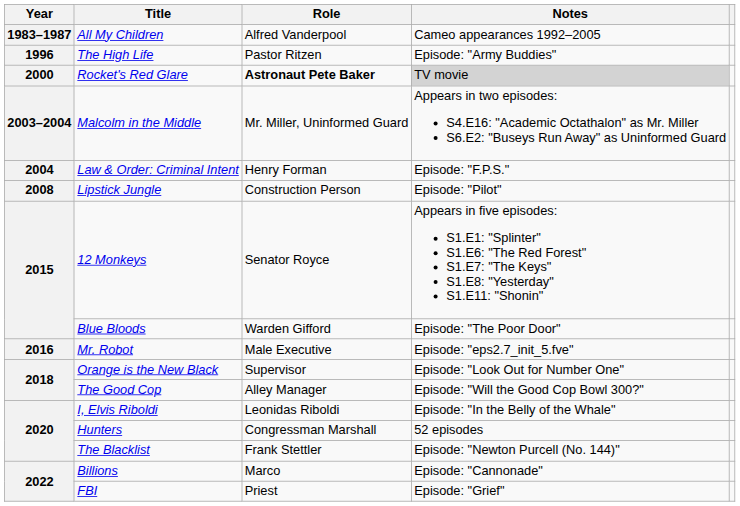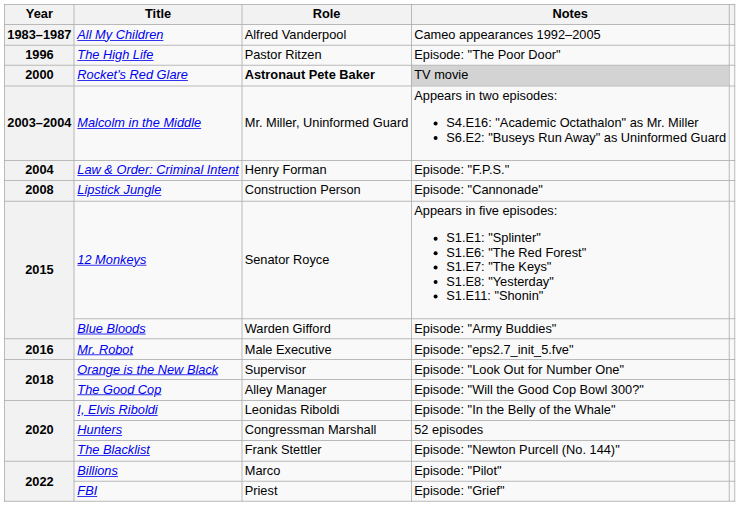 <table class="wikitable sortable plainrowheaders">
 <tr>
 <th scope="col">Year</th>
 <th scope="col">Title</th>
 <th scope="col">Role</th>
 <th scope="col" class="unsortable">Notes</th>
 <th scope="col" class="unsortable"></th>
 </tr>
 <tr>
 <th scope="row">1983–1987</th>
 <td><em><a href='#'>All My Children</a></em></td>
 <td>Alfred Vanderpool</td>
 <td>Cameo appearances 1992–2005</td>
 <td></td>
 </tr>
 <tr>
 <th scope="row">1996</th>
 <td data-sort-value="High Life"><em><a href='#'>The High Life</a></em></td>
 <td>Pastor Ritzen</td>
-<td>Episode: "Army Buddies"</td>
+<td>Episode: "The Poor Door"</td>
 <td></td>
 </tr>
 <tr>
 <th scope="row">2000</th>
 <td><em><a href='#'>Rocket's Red Glare</a></em></td>
 <td><strong>Astronaut Pete Baker</strong></td>
 <td style="background: lightgrey;">TV movie</td>
 <td></td>
 </tr>
 <tr>
 <th scope="row">2003–2004</th>
 <td><em><a href='#'>Malcolm in the Middle</a></em></td>
 <td>Mr. Miller, Uninformed Guard</td>
 <td>Appears in two episodes:<br><ul><li>S4.E16: "Academic Octathalon" as Mr. Miller</li><li>S6.E2: "Buseys Run Away" as Uninformed Guard</li></ul></td>
 <td></td>
 </tr>
 <tr>
 <th scope="row">2004</th>
 <td><em><a href='#'>Law & Order: Criminal Intent</a></em></td>
 <td>Henry Forman</td>
 <td>Episode: "F.P.S."</td>
 <td></td>
 </tr>
 <tr>
 <th scope="row">2008</th>
 <td><em><a href='#'>Lipstick Jungle</a></em></td>
 <td>Construction Person</td>
-<td>Episode: "Pilot"</td>
+<td>Episode: "Cannonade"</td>
 <td></td>
 </tr>
 <tr>
 <th scope="row" rowspan="2">2015</th>
 <td><em><a href='#'>12 Monkeys</a></em></td>
 <td>Senator Royce</td>
 <td>Appears in five episodes:<br><ul><li>S1.E1: "Splinter"</li><li>S1.E6: "The Red Forest"</li><li>S1.E7: "The Keys"</li><li>S1.E8: "Yesterday"</li><li>S1.E11: "Shonin"</li></ul></td>
 <td></td>
 </tr>
 <tr>
 <td><em><a href='#'>Blue Bloods</a></em></td>
 <td>Warden Gifford</td>
-<td>Episode: "The Poor Door"</td>
+<td>Episode: "Army Buddies"</td>
 <td></td>
 </tr>
 <tr>
 <th scope="row">2016</th>
 <td><em><a href='#'>Mr. Robot</a></em></td>
 <td>Male Executive</td>
 <td>Episode: "eps2.7_init_5.fve"</td>
 <td></td>
 </tr>
 <tr>
 <th scope="row" rowspan="2">2018</th>
 <td><em><a href='#'>Orange is the New Black</a></em></td>
 <td>Supervisor</td>
 <td>Episode: "Look Out for Number One"</td>
 <td></td>
 </tr>
 <tr>
 <td data-sort-value="Good Cop"><em><a href='#'>The Good Cop</a></em></td>
 <td>Alley Manager</td>
 <td>Episode: "Will the Good Cop Bowl 300?"</td>
 <td></td>
 </tr>
 <tr>
 <th scope="row" rowspan="3">2020</th>
 <td><em><a href='#'>I, Elvis Riboldi</a></em></td>
 <td>Leonidas Riboldi</td>
 <td>Episode: "In the Belly of the Whale"</td>
 <td></td>
 </tr>
 <tr>
 <td><em><a href='#'>Hunters</a></em></td>
 <td>Congressman Marshall</td>
 <td>52 episodes</td>
 <td></td>
 </tr>
 <tr>
 <td data-sort-value="Blacklist"><em><a href='#'>The Blacklist</a></em></td>
 <td>Frank Stettler</td>
 <td>Episode: "Newton Purcell (No. 144)"</td>
 <td></td>
 </tr>
 <tr>
 <th scope="row" rowspan="2">2022</th>
 <td><em><a href='#'>Billions</a></em></td>
 <td>Marco</td>
-<td>Episode: "Cannonade"</td>
+<td>Episode: "Pilot"</td>
 <td></td>
 </tr>
 <tr>
 <td><em><a href='#'>FBI</a></em></td>
 <td>Priest</td>
 <td>Episode: "Grief"</td>
 </tr>
 </table>
